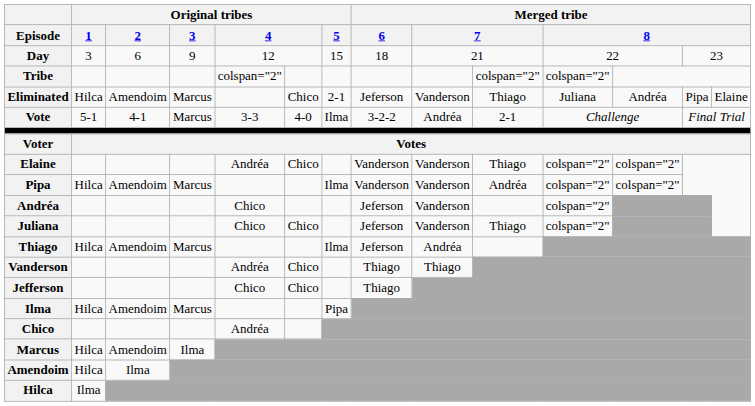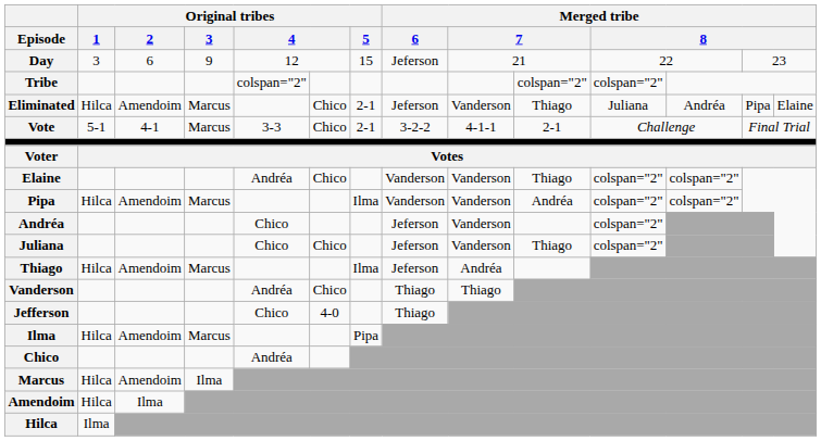 <table class="wikitable" style="text-align:center">
 <tr>
 <th></th>
 <th colspan="6">Original tribes</th>
 <th colspan="7">Merged tribe</th>
 </tr>
 <tr>
 <th>Episode</th>
 <th><a href='#'>1</a></th>
 <th><a href='#'>2</a></th>
 <th><a href='#'>3</a></th>
 <th colspan="2"><a href='#'>4</a></th>
 <th><a href='#'>5</a></th>
 <th><a href='#'>6</a></th>
 <th colspan="2"><a href='#'>7</a></th>
 <th colspan="4"><a href='#'>8</a></th>
 </tr>
 <tr>
 <th>Day</th>
 <td>3</td>
 <td>6</td>
 <td>9</td>
 <td colspan="2">12</td>
 <td>15</td>
-<td>18</td>
+<td>Jeferson</td>
 <td colspan="2">21</td>
 <td colspan="2">22</td>
 <td colspan="2">23</td>
 </tr>
 <tr>
 <th>Tribe</th>
 <td></td>
 <td></td>
 <td></td>
 <td>colspan="2" </td>
 <td></td>
 <td></td>
 <td></td>
 <td></td>
 <td>colspan="2" </td>
 <td>colspan="2" </td>
 </tr>
 <tr>
 <th>Eliminated</th>
 <td>Hilca</td>
 <td>Amendoim</td>
 <td>Marcus</td>
 <td></td>
 <td>Chico</td>
 <td>2-1</td>
 <td>Jeferson</td>
 <td>Vanderson</td>
 <td>Thiago</td>
 <td>Juliana</td>
 <td>Andréa</td>
 <td>Pipa</td>
 <td>Elaine</td>
 </tr>
 <tr>
 <th>Vote</th>
 <td>5-1</td>
 <td>4-1</td>
 <td>Marcus</td>
 <td>3-3</td>
-<td>4-0</td>
-<td>Ilma</td>
+<td>Chico</td>
+<td>2-1</td>
 <td>3-2-2</td>
-<td>Andréa</td>
+<td>4-1-1</td>
 <td>2-1</td>
 <td colspan="2"><em>Challenge</em></td>
 <td colspan="2"><em>Final Trial</em></td>
 </tr>
 <tr>
 <td bgcolor="black" colspan="14"></td>
 </tr>
 <tr>
 <th>Voter</th>
 <th colspan="13">Votes</th>
 </tr>
 <tr>
 <th>Elaine</th>
 <td></td>
 <td></td>
 <td></td>
 <td>Andréa</td>
 <td>Chico</td>
 <td></td>
 <td>Vanderson</td>
 <td>Vanderson</td>
 <td>Thiago</td>
 <td>colspan="2" </td>
 <td>colspan="2" </td>
 </tr>
 <tr>
 <th>Pipa</th>
 <td>Hilca</td>
 <td>Amendoim</td>
 <td>Marcus</td>
 <td></td>
 <td></td>
 <td>Ilma</td>
 <td>Vanderson</td>
 <td>Vanderson</td>
 <td>Andréa</td>
 <td>colspan="2" </td>
 <td>colspan="2" </td>
 </tr>
 <tr>
 <th>Andréa</th>
 <td></td>
 <td></td>
 <td></td>
 <td>Chico</td>
 <td></td>
 <td></td>
 <td>Jeferson</td>
 <td>Vanderson</td>
 <td></td>
 <td>colspan="2" </td>
 <td bgcolor="darkgrey" colspan="2"></td>
 </tr>
 <tr>
 <th>Juliana</th>
 <td></td>
 <td></td>
 <td></td>
 <td>Chico</td>
 <td>Chico</td>
 <td></td>
 <td>Jeferson</td>
 <td>Vanderson</td>
 <td>Thiago</td>
 <td>colspan="2" </td>
 <td bgcolor="darkgrey" colspan="2"></td>
 </tr>
 <tr>
 <th>Thiago</th>
 <td>Hilca</td>
 <td>Amendoim</td>
 <td>Marcus</td>
 <td></td>
 <td></td>
 <td>Ilma</td>
 <td>Jeferson</td>
 <td>Andréa</td>
 <td></td>
 <td colspan="4" bgcolor="darkgrey"></td>
 </tr>
 <tr>
 <th>Vanderson</th>
 <td></td>
 <td></td>
 <td></td>
 <td>Andréa</td>
 <td>Chico</td>
 <td></td>
 <td>Thiago</td>
 <td>Thiago</td>
 <td bgcolor="darkgrey" colspan="5"></td>
 </tr>
 <tr>
 <th>Jefferson</th>
 <td></td>
 <td></td>
 <td></td>
 <td>Chico</td>
-<td>Chico</td>
+<td>4-0</td>
 <td></td>
 <td>Thiago</td>
 <td bgcolor="darkgrey" colspan="6"></td>
 </tr>
 <tr>
 <th>Ilma</th>
 <td>Hilca</td>
 <td>Amendoim</td>
 <td>Marcus</td>
 <td></td>
 <td></td>
 <td>Pipa</td>
 <td colspan="7" bgcolor="darkgrey"></td>
 </tr>
 <tr>
 <th>Chico</th>
 <td></td>
 <td></td>
 <td></td>
 <td>Andréa</td>
 <td></td>
 <td bgcolor="darkgrey" colspan="8"></td>
 </tr>
 <tr>
 <th>Marcus</th>
 <td>Hilca</td>
 <td>Amendoim</td>
 <td>Ilma</td>
 <td bgcolor="darkgrey" colspan="10"></td>
 </tr>
 <tr>
 <th>Amendoim</th>
 <td>Hilca</td>
 <td>Ilma</td>
 <td bgcolor="darkgrey" colspan="11"></td>
 </tr>
 <tr>
 <th>Hilca</th>
 <td>Ilma</td>
 <td bgcolor="darkgrey" colspan="12"></td>
 </tr>
 </table>
